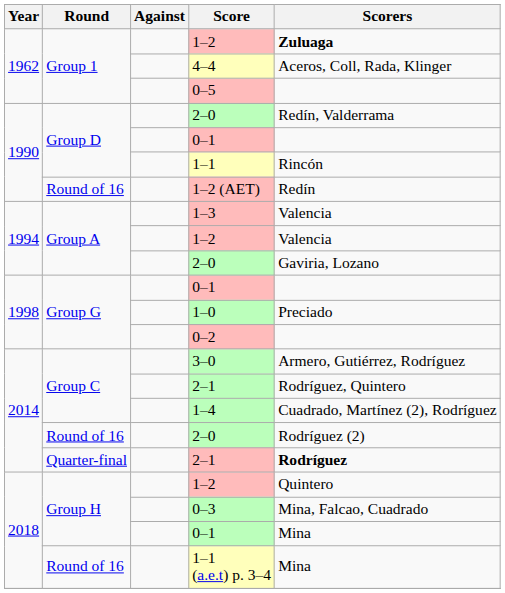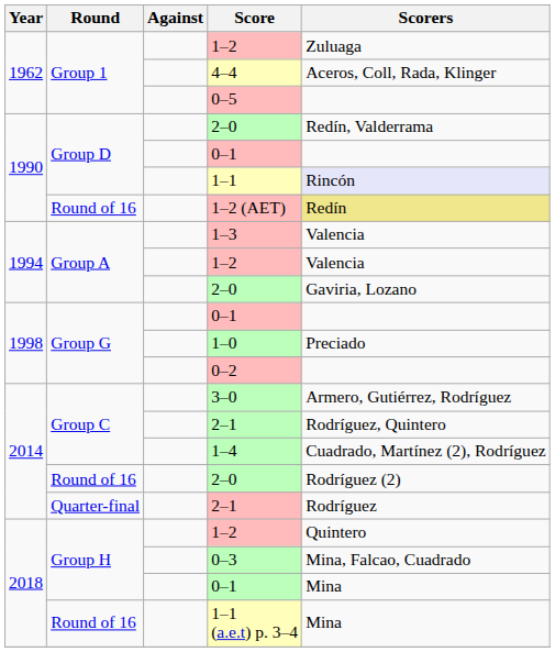 <table class="wikitable sortable" style="text-align:left;">
 <tr>
 <th>Year</th>
 <th>Round</th>
 <th>Against</th>
 <th>Score</th>
 <th>Scorers</th>
 </tr>
 <tr>
 <td rowspan="3"> <a href='#'>1962</a></td>
 <td rowspan=3><a href='#'>Group 1</a></td>
 <td></td>
 <td bgcolor="#ffbbbb">1–2</td>
-<td><strong>Zuluaga</strong></td>
+<td>Zuluaga</td>
 </tr>
 <tr>
 <td></td>
 <td bgcolor="#ffffbb">4–4</td>
 <td>Aceros, Coll, Rada, Klinger</td>
 </tr>
 <tr>
 <td></td>
 <td bgcolor="#ffbbbb">0–5</td>
 <td></td>
 </tr>
 <tr>
 <td rowspan="4"> <a href='#'>1990</a></td>
 <td rowspan=3><a href='#'>Group D</a></td>
 <td></td>
 <td bgcolor="#bbffbb">2–0</td>
 <td>Redín, Valderrama</td>
 </tr>
 <tr>
 <td></td>
 <td bgcolor="#ffbbbb">0–1</td>
 <td></td>
 </tr>
 <tr>
 <td></td>
 <td bgcolor="#ffffbb">1–1</td>
-<td>Rincón</td>
+<td style="background: lavender;">Rincón</td>
 </tr>
 <tr>
 <td><a href='#'>Round of 16</a></td>
 <td></td>
 <td bgcolor="#ffbbbb">1–2 (AET)</td>
-<td>Redín</td>
+<td style="background: khaki;">Redín</td>
 </tr>
 <tr>
 <td rowspan="3"> <a href='#'>1994</a></td>
 <td rowspan=3><a href='#'>Group A</a></td>
 <td></td>
 <td bgcolor="#ffbbbb">1–3</td>
 <td>Valencia</td>
 </tr>
 <tr>
 <td></td>
 <td bgcolor="#ffbbbb">1–2</td>
 <td>Valencia</td>
 </tr>
 <tr>
 <td></td>
 <td bgcolor="#bbffbb">2–0</td>
 <td>Gaviria, Lozano</td>
 </tr>
 <tr>
 <td rowspan="3"> <a href='#'>1998</a></td>
 <td rowspan=3><a href='#'>Group G</a></td>
 <td></td>
 <td bgcolor="#ffbbbb">0–1</td>
 <td></td>
 </tr>
 <tr>
 <td></td>
 <td bgcolor="#bbffbb">1–0</td>
 <td>Preciado</td>
 </tr>
 <tr>
 <td></td>
 <td bgcolor="#ffbbbb">0–2</td>
 <td></td>
 </tr>
 <tr>
 <td rowspan="5"> <a href='#'>2014</a></td>
 <td rowspan=3><a href='#'>Group C</a></td>
 <td></td>
 <td bgcolor="#bbffbb">3–0</td>
 <td>Armero, Gutiérrez, Rodríguez</td>
 </tr>
 <tr>
 <td></td>
 <td bgcolor="#bbffbb">2–1</td>
 <td>Rodríguez, Quintero</td>
 </tr>
 <tr>
 <td></td>
 <td bgcolor="#bbffbb">1–4</td>
 <td>Cuadrado, Martínez (2), Rodríguez</td>
 </tr>
 <tr>
 <td><a href='#'>Round of 16</a></td>
 <td></td>
 <td bgcolor="#bbffbb">2–0</td>
 <td>Rodríguez (2)</td>
 </tr>
 <tr>
 <td><a href='#'>Quarter-final</a></td>
 <td></td>
 <td bgcolor="#ffbbbb">2–1</td>
-<td><strong>Rodríguez</strong></td>
+<td>Rodríguez</td>
 </tr>
 <tr>
 <td rowspan="4"> <a href='#'>2018</a></td>
 <td rowspan=3><a href='#'>Group H</a></td>
 <td></td>
 <td bgcolor="#ffbbbb">1–2</td>
 <td>Quintero</td>
 </tr>
 <tr>
 <td></td>
 <td bgcolor="#bbffbb">0–3</td>
 <td>Mina, Falcao, Cuadrado</td>
 </tr>
 <tr>
 <td></td>
 <td bgcolor="#bbffbb">0–1</td>
 <td>Mina</td>
 </tr>
 <tr>
 <td><a href='#'>Round of 16</a></td>
 <td></td>
 <td bgcolor="#ffffbb">1–1 <br> (<a href='#'>a.e.t</a>) p. 3–4</td>
 <td>Mina</td>
 </tr>
 <tr>
 </tr>
 </table>
